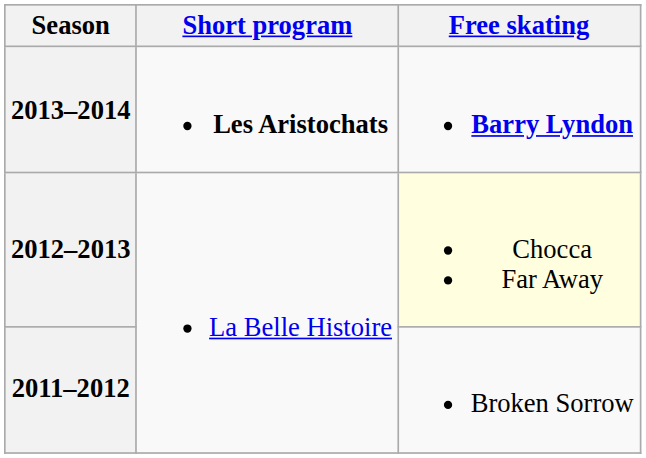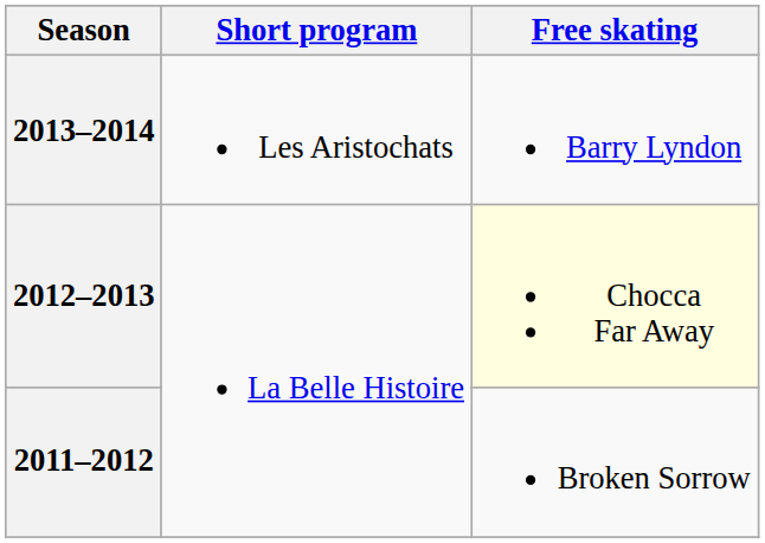 <table class="wikitable" style="text-align:center">
 <tr>
 <th>Season</th>
 <th><a href='#'>Short program</a></th>
 <th><a href='#'>Free skating</a></th>
 </tr>
 <tr>
 <th>2013–2014 <br></th>
-<td><strong><br><ul><li>Les Aristochats <br></li></ul></strong></td>
-<td><strong><br><ul><li><a href='#'>Barry Lyndon</a></li></ul></strong></td>
+<td><br><ul><li>Les Aristochats <br></li></ul></td>
+<td><br><ul><li><a href='#'>Barry Lyndon</a></li></ul></td>
 </tr>
 <tr>
 <th>2012–2013 <br></th>
 <td rowspan=2><br><ul><li><a href='#'>La Belle Histoire</a> <br></li></ul></td>
 <td style="background: lightyellow;"><br><ul><li>Chocca <br></li><li>Far Away <br></li></ul></td>
 </tr>
 <tr>
 <th>2011–2012 <br></th>
 <td><br><ul><li>Broken Sorrow <br></li></ul></td>
 </tr>
 </table>
